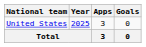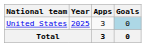 <table class="wikitable" style="text-align:center">
 <tr>
 <th>National team</th>
 <th>Year</th>
 <th>Apps</th>
 <th>Goals</th>
 </tr>
 <tr>
 <td rowspan=1><a href='#'>United States</a></td>
 <td><a href='#'>2025</a></td>
 <td>3</td>
-<td>0</td>
+<td style="background: lightblue;">0</td>
 </tr>
 <tr>
 <th colspan=2>Total</th>
 <th>3</th>
 <th>0</th>
 </tr>
 </table>
